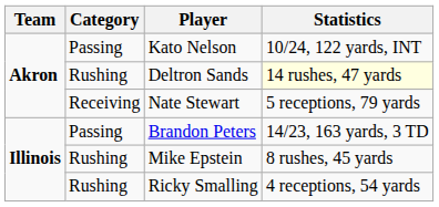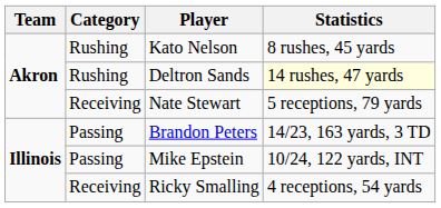 <table class="wikitable" style="float: left;">
 <tr>
 <th>Team</th>
 <th>Category</th>
 <th>Player</th>
 <th>Statistics</th>
 </tr>
 <tr>
 <td rowspan=3><strong>Akron</strong></td>
-<td>Passing</td>
+<td>Rushing</td>
 <td>Kato Nelson</td>
-<td>10/24, 122 yards, INT</td>
+<td>8 rushes, 45 yards</td>
 </tr>
 <tr>
 <td>Rushing</td>
 <td>Deltron Sands</td>
 <td style="background: lightyellow;">14 rushes, 47 yards</td>
 </tr>
 <tr>
 <td>Receiving</td>
 <td>Nate Stewart</td>
 <td>5 receptions, 79 yards</td>
 </tr>
 <tr>
 <td rowspan=3><strong>Illinois</strong></td>
 <td>Passing</td>
 <td><a href='#'>Brandon Peters</a></td>
 <td>14/23, 163 yards, 3 TD</td>
 </tr>
 <tr>
-<td>Rushing</td>
+<td>Passing</td>
 <td>Mike Epstein</td>
-<td>8 rushes, 45 yards</td>
+<td>10/24, 122 yards, INT</td>
 </tr>
 <tr>
-<td>Rushing</td>
+<td>Receiving</td>
 <td>Ricky Smalling</td>
 <td>4 receptions, 54 yards</td>
 </tr>
 </table>
